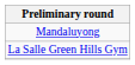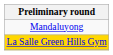 <table class="wikitable" style="text-align:center">
 <tr>
 <th>Preliminary round</th>
 </tr>
 <tr>
 <td><a href='#'>Mandaluyong</a></td>
 </tr>
 <tr>
-<td><a href='#'>La Salle Green Hills Gym</a></td>
+<td style="background: gold;"><a href='#'>La Salle Green Hills Gym</a></td>
 </tr>
 <tr>
 </tr>
 </table>
